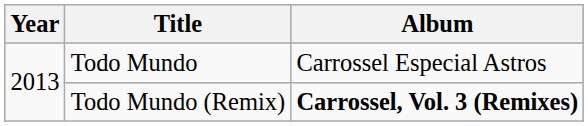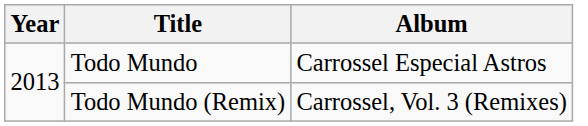 <table class="wikitable">
 <tr>
 <th>Year</th>
 <th>Title</th>
 <th>Album</th>
 </tr>
 <tr>
 <td rowspan="2">2013</td>
 <td>Todo Mundo</td>
 <td>Carrossel Especial Astros</td>
 </tr>
 <tr>
 <td>Todo Mundo (Remix)</td>
-<td><strong>Carrossel, Vol. 3 (Remixes)</strong></td>
+<td>Carrossel, Vol. 3 (Remixes)</td>
 </tr>
 </table>
